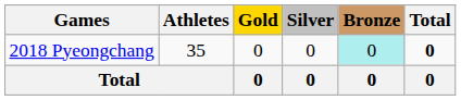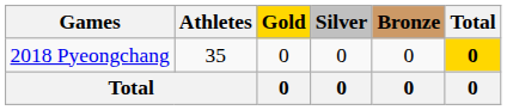 <table class="wikitable" style="text-align:center;">
 <tr>
 <th>Games</th>
 <th>Athletes</th>
 <td style="background:gold; font-weight:bold;">Gold</td>
 <td style="background:silver; font-weight:bold;">Silver</td>
 <td style="background:#cc9966; font-weight:bold;">Bronze</td>
 <th style="font-weight:bold;">Total</th>
 </tr>
 <tr>
 <td align=left> <a href='#'>2018 Pyeongchang</a></td>
 <td>35</td>
 <td>0</td>
 <td>0</td>
-<td style="background: paleturquoise;">0</td>
-<td><strong>0</strong></td>
+<td>0</td>
+<td style="background: gold;"><strong>0</strong></td>
 </tr>
 <tr>
 <th colspan=2>Total</th>
 <th>0</th>
 <th>0</th>
 <th>0</th>
 <th>0</th>
 </tr>
 </table>
